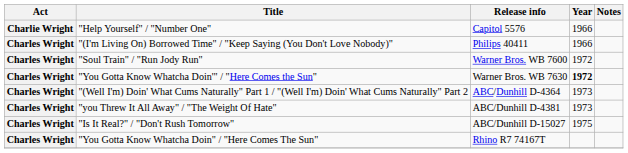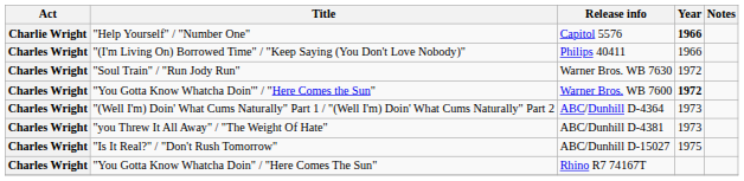 <table class="wikitable plainrowheaders sortable">
 <tr>
 <th scope="col">Act</th>
 <th scope="col">Title</th>
 <th scope="col">Release info</th>
 <th scope="col">Year</th>
 <th scope="col" class="unsortable">Notes</th>
 </tr>
 <tr>
 <th scope="row">Charlie Wright</th>
 <td>"Help Yourself" / "Number One"</td>
 <td><a href='#'>Capitol</a> 5576</td>
-<td>1966</td>
+<td><strong>1966</strong></td>
 <td></td>
 </tr>
 <tr>
 <th scope="row">Charles Wright</th>
 <td>"(I'm Living On) Borrowed Time" / "Keep Saying (You Don't Love Nobody)"</td>
 <td><a href='#'>Philips</a> 40411</td>
 <td>1966</td>
 <td></td>
 </tr>
 <tr>
 <th scope="row">Charles Wright</th>
 <td>"Soul Train" / "Run Jody Run"</td>
-<td><a href='#'>Warner Bros.</a> WB 7600</td>
+<td>Warner Bros. WB 7630</td>
 <td>1972</td>
 <td></td>
 </tr>
 <tr>
 <th scope="row">Charles Wright</th>
 <td>"You Gotta Know Whatcha Doin'" / "<a href='#'>Here Comes the Sun</a>"</td>
-<td>Warner Bros. WB 7630</td>
+<td><a href='#'>Warner Bros.</a> WB 7600</td>
 <td><strong>1972</strong></td>
 <td></td>
 </tr>
 <tr>
 <th scope="row">Charles Wright</th>
 <td>"(Well I'm) Doin' What Cums Naturally" Part 1 / "(Well I'm) Doin' What Cums Naturally" Part 2</td>
 <td><a href='#'>ABC</a>/<a href='#'>Dunhill</a> D-4364</td>
 <td>1973</td>
 <td></td>
 </tr>
 <tr>
 <th scope="row">Charles Wright</th>
 <td>"you Threw It All Away" / "The Weight Of Hate"</td>
 <td>ABC/Dunhill D-4381</td>
 <td>1973</td>
 <td></td>
 </tr>
 <tr>
 <th scope="row">Charles Wright</th>
 <td>"Is It Real?" / "Don't Rush Tomorrow"</td>
 <td>ABC/Dunhill D-15027</td>
 <td>1975</td>
 <td></td>
 </tr>
 <tr>
 <th scope="row">Charles Wright</th>
 <td>"You Gotta Know Whatcha Doin" / "Here Comes The Sun"</td>
 <td><a href='#'>Rhino</a> R7 74167T</td>
 <td></td>
 <td></td>
 </tr>
 <tr>
 </tr>
 </table>
